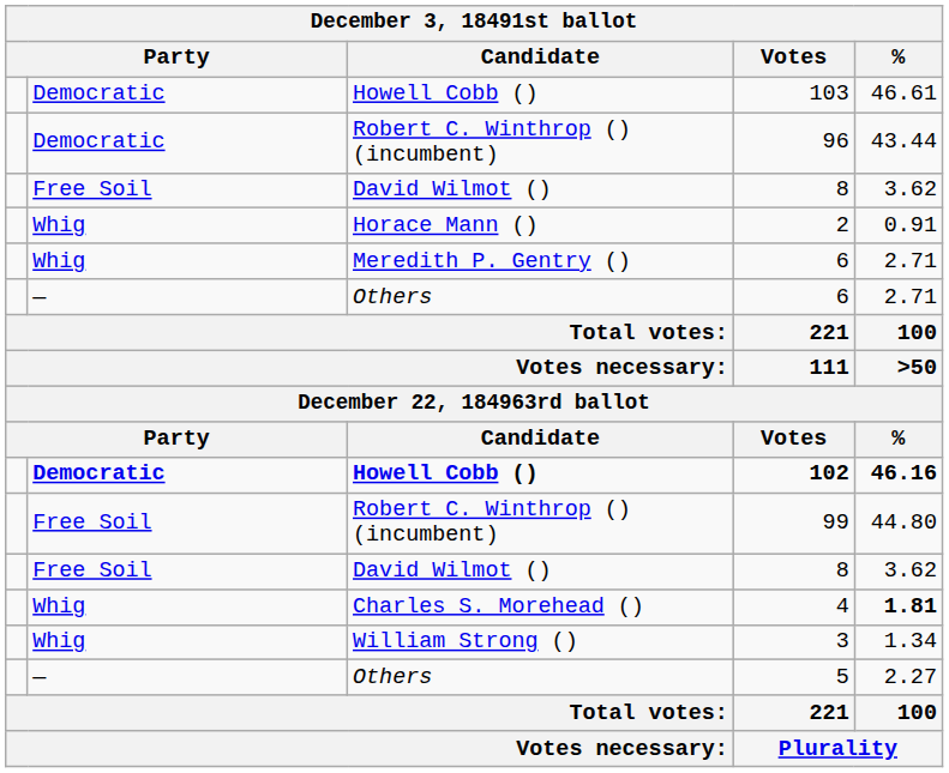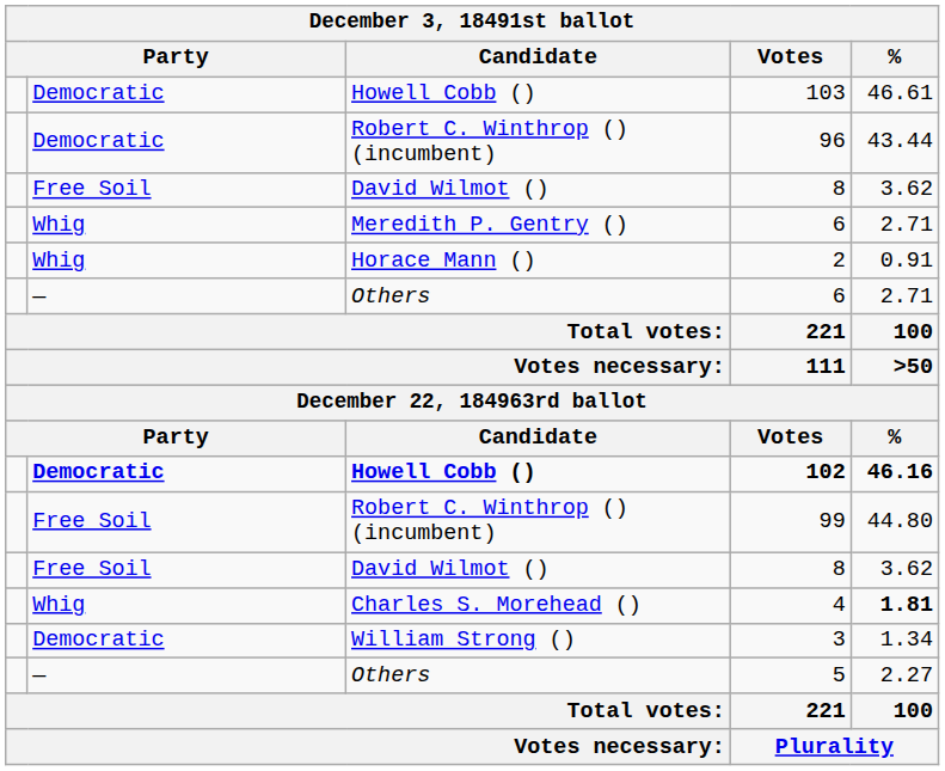 <table class="wikitable" style="margin-right:1em; font-size:95%">
 <tr>
 <th colspan=5 style="font-size:95%">December 3, 18491st ballot</th>
 </tr>
 <tr>
 <th scope="col" colspan="2" style="width: 15em">Party</th>
 <th scope="col" style="width: 17em">Candidate</th>
 <th scope="col" style="width: 5em">Votes</th>
 <th scope="col" style="width: 3.5em">%</th>
 </tr>
 <tr>
 <td style="width: 0.5em; background:"></td>
 <td><a href='#'>Democratic</a></td>
 <td><a href='#'>Howell Cobb</a> ()</td>
 <td style="text-align:right">103</td>
 <td style="text-align:right">46.61</td>
 </tr>
 <tr>
 <td style="background:"></td>
 <td><a href='#'>Democratic</a></td>
 <td><a href='#'>Robert C. Winthrop</a> () (incumbent)</td>
 <td style="text-align:right">96</td>
 <td style="text-align:right">43.44</td>
 </tr>
 <tr>
 <td style="background:"></td>
 <td><a href='#'>Free Soil</a></td>
 <td><a href='#'>David Wilmot</a> ()</td>
 <td style="text-align:right">8</td>
 <td style="text-align:right">3.62</td>
 </tr>
 <tr>
 <td style="background:"></td>
 <td><a href='#'>Whig</a></td>
-<td><a href='#'>Horace Mann</a> ()</td>
-<td style="text-align:right">2</td>
-<td style="text-align:right">0.91</td>
+<td><a href='#'>Meredith P. Gentry</a> ()</td>
+<td style="text-align:right">6</td>
+<td style="text-align:right">2.71</td>
 </tr>
 <tr>
 <td style="background:"></td>
 <td><a href='#'>Whig</a></td>
-<td><a href='#'>Meredith P. Gentry</a> ()</td>
-<td style="text-align:right">6</td>
-<td style="text-align:right">2.71</td>
+<td><a href='#'>Horace Mann</a> ()</td>
+<td style="text-align:right">2</td>
+<td style="text-align:right">0.91</td>
 </tr>
 <tr>
 <td style="background:"></td>
 <td>—</td>
 <td><em>Others</em></td>
 <td style="text-align:right">6</td>
 <td style="text-align:right">2.71</td>
 </tr>
 <tr>
 <th colspan=3 style="text-align:right">Total votes:</th>
 <td style="text-align:right; background:#f5f5f5"><strong>221</strong></td>
 <td style="text-align:right; background:#f5f5f5"><strong>100</strong></td>
 </tr>
 <tr>
 <th colspan=3 style="text-align:right">Votes necessary:</th>
 <td style="text-align:right; background:#f5f5f5"><strong>111</strong></td>
 <td style="text-align:right; background:#f5f5f5"><strong>>50</strong></td>
 </tr>
 <tr>
 <th colspan=5 style="font-size:95%">December 22, 184963rd ballot</th>
 </tr>
 <tr>
 <th scope="col" colspan="2" style="width: 15em">Party</th>
 <th scope="col" style="width: 17em">Candidate</th>
 <th scope="col" style="width: 5em">Votes</th>
 <th scope="col" style="width: 3.5em">%</th>
 </tr>
 <tr>
 <td style="background:"></td>
 <td><strong><a href='#'>Democratic</a></strong></td>
 <td><strong><a href='#'>Howell Cobb</a> ()</strong></td>
 <td style="text-align:right"><strong>102</strong></td>
 <td style="text-align:right"><strong>46.16</strong></td>
 </tr>
 <tr>
 <td style="background:"></td>
 <td><a href='#'>Free Soil</a></td>
 <td><a href='#'>Robert C. Winthrop</a> () (incumbent)</td>
 <td style="text-align:right">99</td>
 <td style="text-align:right">44.80</td>
 </tr>
 <tr>
 <td style="background:"></td>
 <td><a href='#'>Free Soil</a></td>
 <td><a href='#'>David Wilmot</a> ()</td>
 <td style="text-align:right">8</td>
 <td style="text-align:right">3.62</td>
 </tr>
 <tr>
 <td style="background:"></td>
 <td><a href='#'>Whig</a></td>
 <td><a href='#'>Charles S. Morehead</a> ()</td>
 <td style="text-align:right">4</td>
 <td style="text-align:right"><strong>1.81</strong></td>
 </tr>
 <tr>
 <td style="background:"></td>
-<td><a href='#'>Whig</a></td>
+<td><a href='#'>Democratic</a></td>
 <td><a href='#'>William Strong</a> ()</td>
 <td style="text-align:right">3</td>
 <td style="text-align:right">1.34</td>
 </tr>
 <tr>
 <td style="background:"></td>
 <td>—</td>
 <td><em>Others</em></td>
 <td style="text-align:right">5</td>
 <td style="text-align:right">2.27</td>
 </tr>
 <tr>
 <th colspan=3 style="text-align:right">Total votes:</th>
 <td style="text-align:right; background:#f5f5f5"><strong>221</strong></td>
 <td style="text-align:right; background:#f5f5f5"><strong>100</strong></td>
 </tr>
 <tr>
 <th colspan=3 style="text-align:right">Votes necessary:</th>
 <th colspan=2 style="background:#f5f5f5"><a href='#'>Plurality</a></th>
 </tr>
 </table>
